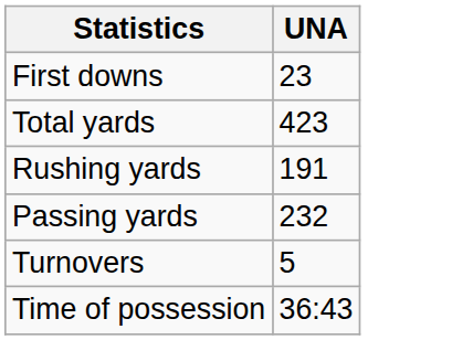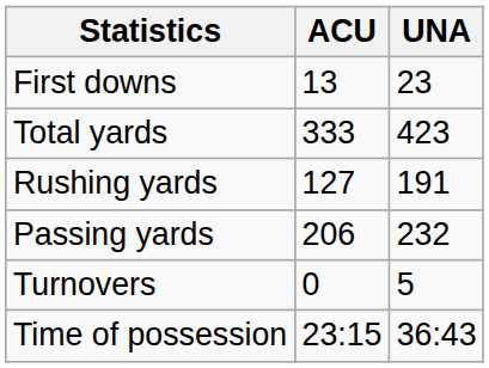 <table class="wikitable" style="float: left;">
 <tr>
 <th>Statistics</th>
+<th>ACU</th>
 <th>UNA</th>
 </tr>
 <tr>
 <td>First downs</td>
+<td>13</td>
 <td>23</td>
 </tr>
 <tr>
 <td>Total yards</td>
+<td>333</td>
 <td>423</td>
 </tr>
 <tr>
 <td>Rushing yards</td>
+<td>127</td>
 <td>191</td>
 </tr>
 <tr>
 <td>Passing yards</td>
+<td>206</td>
 <td>232</td>
 </tr>
 <tr>
 <td>Turnovers</td>
+<td>0</td>
 <td>5</td>
 </tr>
 <tr>
 <td>Time of possession</td>
+<td>23:15</td>
 <td>36:43</td>
 </tr>
 </table>
